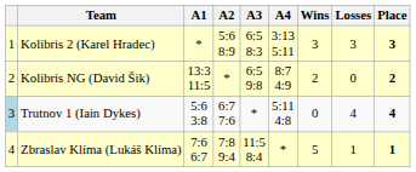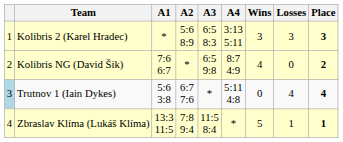 <table class="wikitable" style="text-align:center;">
 <tr>
 <th></th>
 <th>Team</th>
 <th width="25">A1</th>
 <th width="25">A2</th>
 <th width="25">A3</th>
 <th width="25">A4</th>
 <th width="20">Wins</th>
 <th width="20">Losses</th>
 <th>Place</th>
 </tr>
 <tr bgcolor=#ffc>
 <td>1</td>
 <td align=left>Kolibris 2 (Karel Hradec)</td>
 <td>*</td>
 <td>5:6<br> 8:9</td>
 <td>6:5<br> 8:3</td>
 <td>3:13<br>5:11</td>
 <td>3</td>
 <td>3</td>
 <td><strong>3</strong></td>
 </tr>
 <tr bgcolor=#ffc>
 <td>2</td>
 <td align=left>Kolibris NG (David Šik)</td>
-<td>13:3<br>11:5</td>
+<td>7:6<br> 6:7</td>
 <td>*</td>
 <td>6:5<br> 9:8</td>
 <td>8:7<br> 4:9</td>
-<td>2</td>
+<td>4</td>
 <td>0</td>
 <td><strong>2</strong></td>
 </tr>
 <tr>
 <td style="background: lightblue;">3</td>
 <td align=left>Trutnov 1 (Iain Dykes)</td>
 <td>5:6<br> 3:8</td>
 <td>6:7<br> 7:6</td>
 <td>*</td>
 <td>5:11<br> 4:8</td>
 <td>0</td>
 <td>4</td>
 <td><strong>4</strong></td>
 </tr>
 <tr bgcolor=#ffc>
 <td>4</td>
 <td align=left>Zbraslav Klíma (Lukáš Klíma)</td>
-<td>7:6<br> 6:7</td>
+<td>13:3<br>11:5</td>
 <td>7:8<br> 9:4</td>
 <td>11:5<br> 8:4</td>
 <td>*</td>
 <td>5</td>
 <td>1</td>
 <td><strong>1</strong></td>
 </tr>
 </table>
